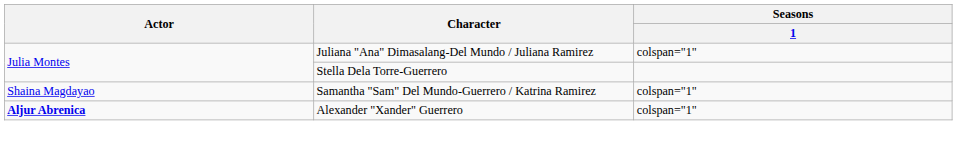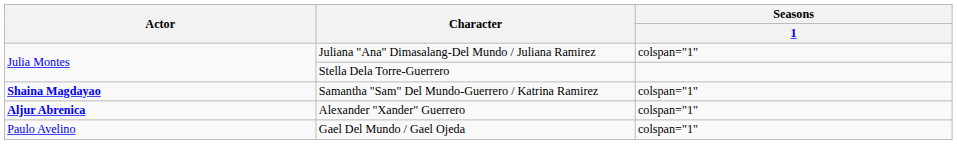 <table class="wikitable">
 <tr>
 <th style="width:5%;" rowspan="2">Actor</th>
 <th style="width:5%;" rowspan="2">Character</th>
 <th colspan="1">Seasons</th>
 </tr>
 <tr>
 <th style="width:5%;"><a href='#'>1</a></th>
 </tr>
 <tr>
 <td rowspan="2"><a href='#'>Julia Montes</a></td>
 <td>Juliana "Ana" Dimasalang-Del Mundo / Juliana Ramirez</td>
 <td>colspan="1" </td>
 </tr>
 <tr>
 <td>Stella Dela Torre-Guerrero</td>
 <td></td>
 </tr>
 <tr>
-<td><a href='#'>Shaina Magdayao</a></td>
+<td><strong><a href='#'>Shaina Magdayao</a></strong></td>
 <td>Samantha "Sam" Del Mundo-Guerrero / Katrina Ramirez</td>
 <td>colspan="1" </td>
 </tr>
 <tr>
 <td><strong><a href='#'>Aljur Abrenica</a></strong></td>
 <td>Alexander "Xander" Guerrero</td>
 <td>colspan="1" </td>
 </tr>
+<tr>
+<td><a href='#'>Paulo Avelino</a></td>
+<td>Gael Del Mundo / Gael Ojeda</td>
+<td>colspan="1" </td>
+</tr>
 </table>
